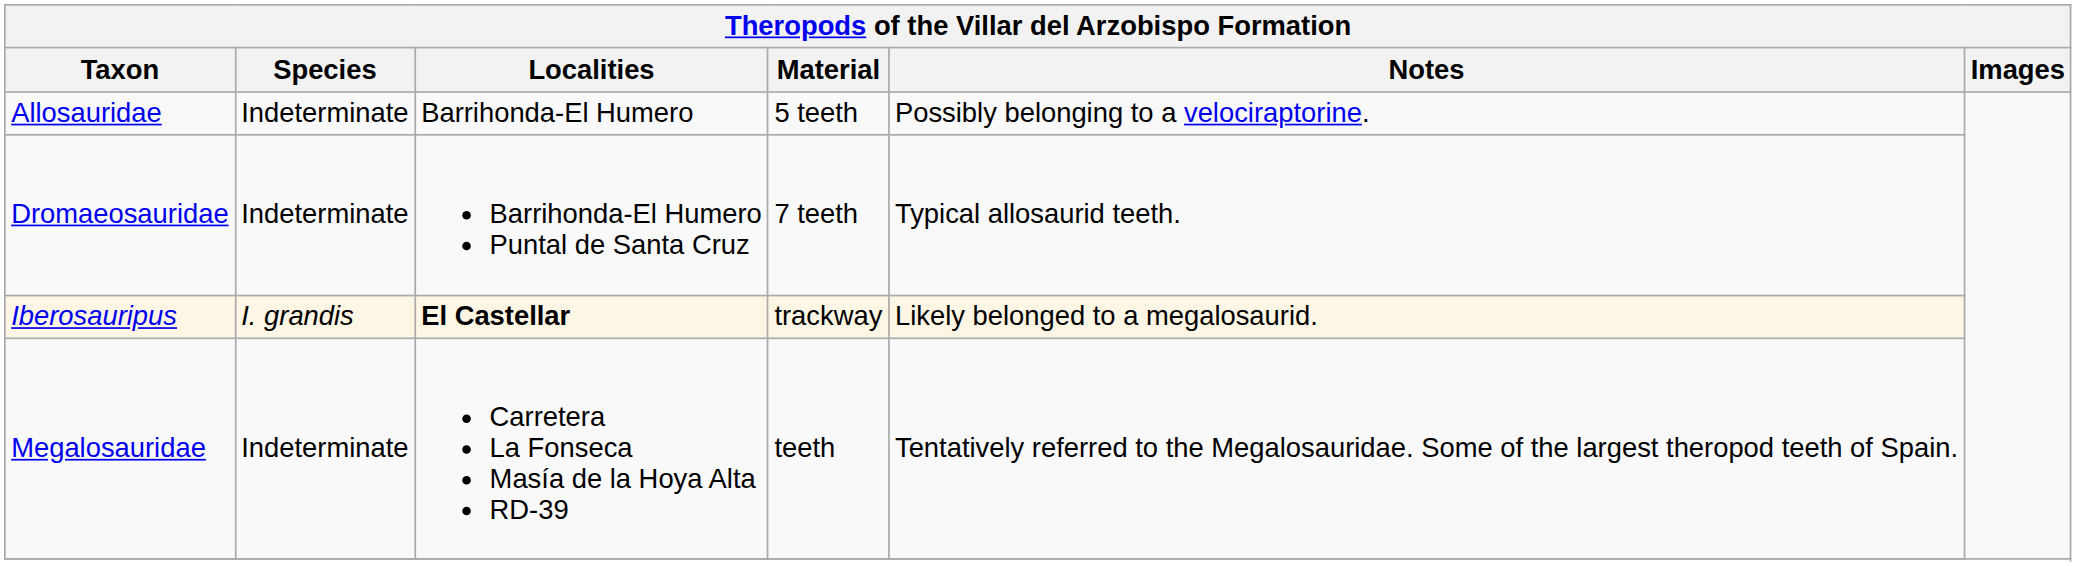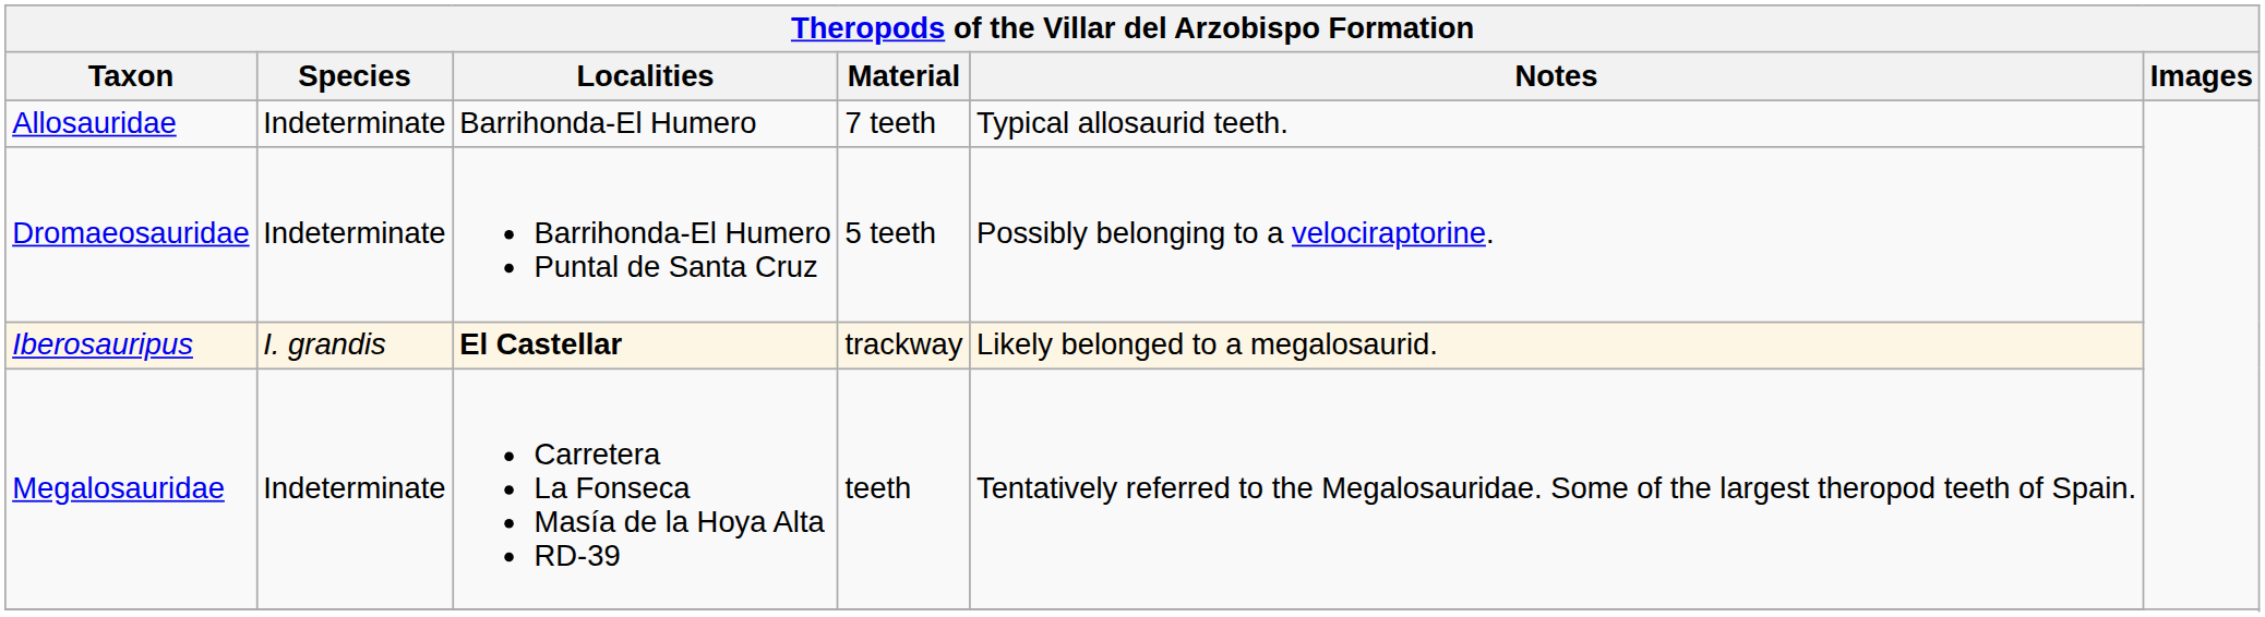 <table class="wikitable">
 <tr>
 <th colspan="6"><a href='#'>Theropods</a> of the Villar del Arzobispo Formation</th>
 </tr>
 <tr>
 <th>Taxon</th>
 <th>Species</th>
 <th>Localities</th>
 <th>Material</th>
 <th>Notes</th>
 <th>Images</th>
 </tr>
 <tr>
 <td><a href='#'>Allosauridae</a></td>
 <td>Indeterminate</td>
 <td>Barrihonda-El Humero</td>
-<td>5 teeth</td>
-<td>Possibly belonging to a <a href='#'>velociraptorine</a>.</td>
+<td>7 teeth</td>
+<td>Typical allosaurid teeth.</td>
 <td rowspan="17"></td>
 </tr>
 <tr>
 <td><a href='#'>Dromaeosauridae</a></td>
 <td>Indeterminate</td>
 <td><br><ul><li>Barrihonda-El Humero</li><li>Puntal de Santa Cruz</li></ul></td>
-<td>7 teeth</td>
-<td>Typical allosaurid teeth.</td>
+<td>5 teeth</td>
+<td>Possibly belonging to a <a href='#'>velociraptorine</a>.</td>
 </tr>
 <tr>
 <td style="background:#FEF6E4;"><em><a href='#'>Iberosauripus</a></em></td>
 <td style="background:#FEF6E4;"><em>I. grandis</em></td>
 <td style="background:#FEF6E4;"><strong>El Castellar</strong></td>
 <td style="background:#FEF6E4;">trackway</td>
 <td style="background:#FEF6E4;">Likely belonged to a megalosaurid.</td>
 </tr>
 <tr>
 <td><a href='#'>Megalosauridae</a></td>
 <td>Indeterminate</td>
 <td><br><ul><li>Carretera</li><li>La Fonseca</li><li>Masía de la Hoya Alta</li><li>RD-39</li></ul></td>
 <td>teeth</td>
 <td>Tentatively referred to the Megalosauridae. Some of the largest theropod teeth of Spain.</td>
 </tr>
 <tr>
 </tr>
 </table>
